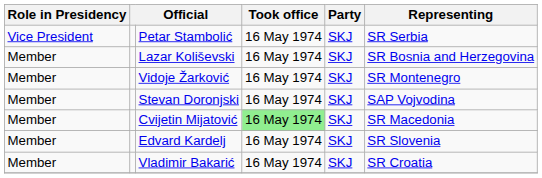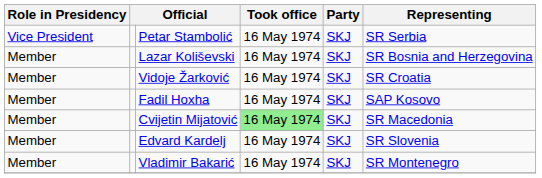 <table class="wikitable">
 <tr>
 <th style="text-align: center;">Role in Presidency</th>
 <th colspan="2" style="text-align: center;">Official</th>
 <th style="text-align: center;">Took office</th>
 <th style="text-align: center;">Party</th>
 <th style="text-align: center;">Representing</th>
 </tr>
 <tr>
 <td><a href='#'>Vice President</a></td>
 <td style="background:"></td>
 <td><a href='#'>Petar Stambolić</a></td>
 <td>16 May 1974</td>
 <td><a href='#'>SKJ</a></td>
 <td><a href='#'>SR Serbia</a></td>
 </tr>
 <tr>
 <td>Member</td>
 <td style="background:"></td>
 <td><a href='#'>Lazar Koliševski</a></td>
 <td>16 May 1974</td>
 <td><a href='#'>SKJ</a></td>
 <td><a href='#'>SR Bosnia and Herzegovina</a></td>
 </tr>
 <tr>
 <td>Member</td>
 <td style="background:"></td>
 <td><a href='#'>Vidoje Žarković</a></td>
 <td>16 May 1974</td>
 <td><a href='#'>SKJ</a></td>
-<td><a href='#'>SR Montenegro</a></td>
+<td><a href='#'>SR Croatia</a></td>
 </tr>
 <tr>
 <td>Member</td>
 <td style="background:"></td>
-<td><a href='#'>Stevan Doronjski</a></td>
+<td><a href='#'>Fadil Hoxha</a></td>
 <td>16 May 1974</td>
 <td><a href='#'>SKJ</a></td>
-<td><a href='#'>SAP Vojvodina</a></td>
+<td><a href='#'>SAP Kosovo</a></td>
 </tr>
 <tr>
 <td>Member</td>
 <td style="background:"></td>
 <td><a href='#'>Cvijetin Mijatović</a></td>
 <td style="background: lightgreen;">16 May 1974</td>
 <td><a href='#'>SKJ</a></td>
 <td><a href='#'>SR Macedonia</a></td>
 </tr>
 <tr>
 <td>Member</td>
 <td style="background:"></td>
 <td><a href='#'>Edvard Kardelj</a></td>
 <td>16 May 1974</td>
 <td><a href='#'>SKJ</a></td>
 <td><a href='#'>SR Slovenia</a></td>
 </tr>
 <tr>
 <td>Member</td>
 <td style="background:"></td>
 <td><a href='#'>Vladimir Bakarić</a></td>
 <td>16 May 1974</td>
 <td><a href='#'>SKJ</a></td>
-<td><a href='#'>SR Croatia</a></td>
+<td><a href='#'>SR Montenegro</a></td>
 </tr>
 <tr>
 </tr>
 </table>
